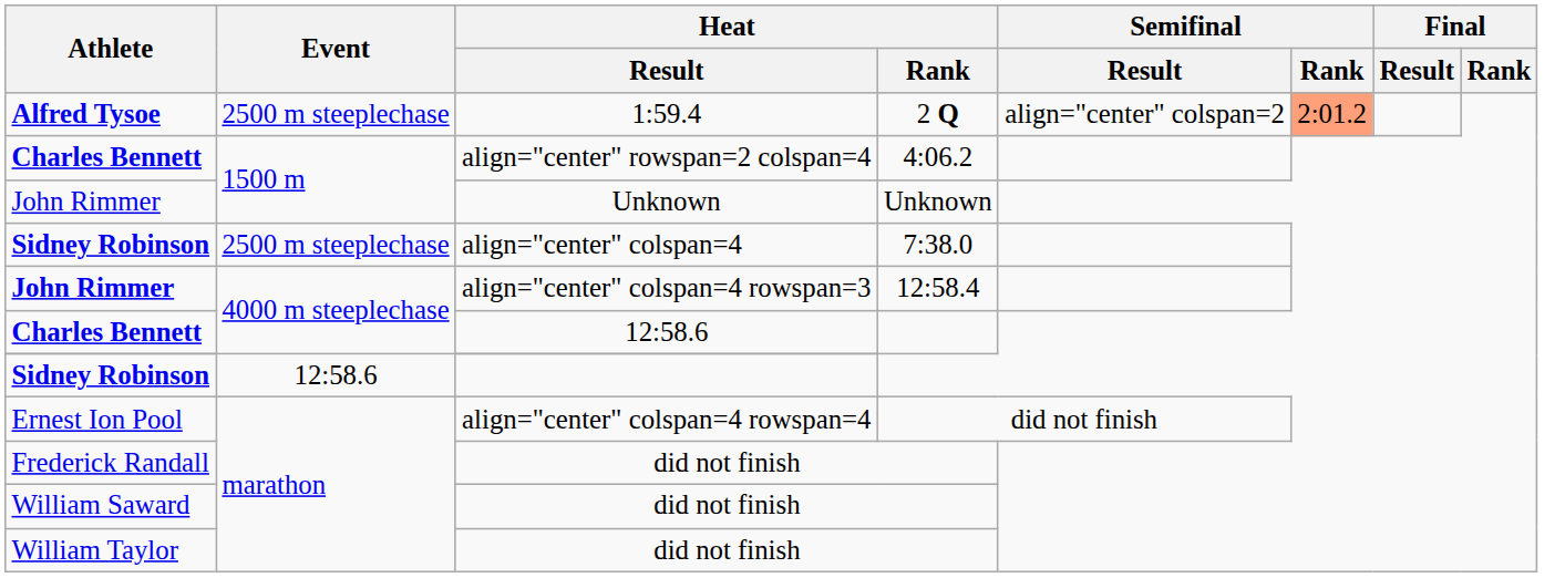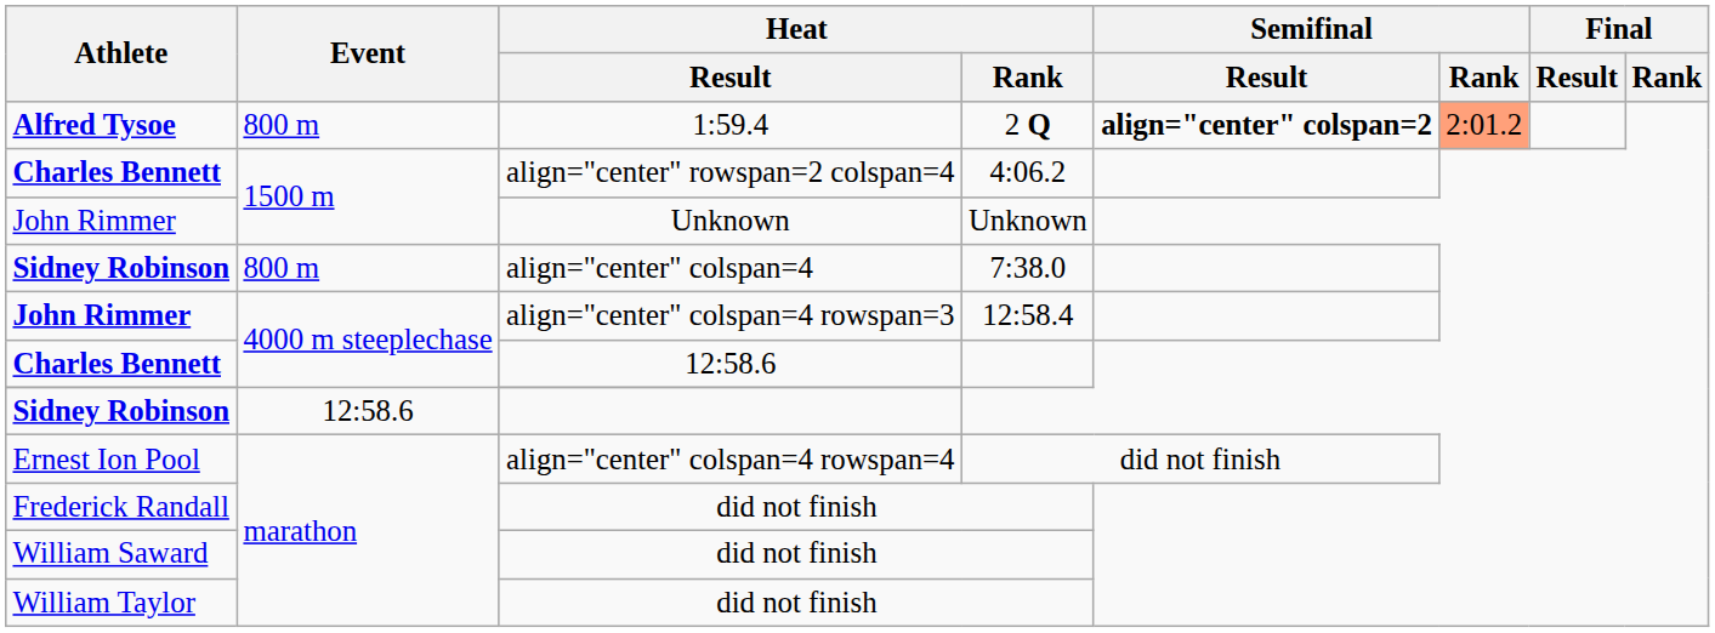 <table class="wikitable sortable">
 <tr>
 <th rowspan="2">Athlete</th>
 <th rowspan="2">Event</th>
 <th colspan="2">Heat</th>
 <th colspan="2">Semifinal</th>
 <th colspan="2">Final</th>
 </tr>
 <tr>
 <th>Result</th>
 <th>Rank</th>
 <th>Result</th>
 <th>Rank</th>
 <th>Result</th>
 <th>Rank</th>
 </tr>
 <tr>
 <td><strong><a href='#'>Alfred Tysoe</a></strong></td>
-<td><a href='#'>2500 m steeplechase</a></td>
+<td><a href='#'>800 m</a></td>
 <td align="center">1:59.4</td>
 <td align="center">2 <strong>Q</strong></td>
-<td>align="center" colspan=2 </td>
+<td><strong>align="center" colspan=2 </strong></td>
 <td align="center" style="background: lightsalmon;">2:01.2</td>
 <td align="center"></td>
 </tr>
 <tr>
 <td><strong><a href='#'>Charles Bennett</a></strong></td>
 <td rowspan=2><a href='#'>1500 m</a></td>
 <td>align="center" rowspan=2 colspan=4 </td>
 <td align="center">4:06.2</td>
 <td align="center"></td>
 </tr>
 <tr>
 <td><a href='#'>John Rimmer</a></td>
 <td align="center">Unknown</td>
 <td align="center">Unknown</td>
 </tr>
 <tr>
 <td><strong><a href='#'>Sidney Robinson</a></strong></td>
-<td><a href='#'>2500 m steeplechase</a></td>
+<td><a href='#'>800 m</a></td>
 <td>align="center" colspan=4 </td>
 <td align="center">7:38.0</td>
 <td align="center"></td>
 </tr>
 <tr>
 <td><strong><a href='#'>John Rimmer</a></strong></td>
 <td rowspan=3><a href='#'>4000 m steeplechase</a></td>
 <td>align="center" colspan=4 rowspan=3 </td>
 <td align="center">12:58.4</td>
 <td align="center"></td>
 </tr>
 <tr>
 <td><strong><a href='#'>Charles Bennett</a></strong></td>
 <td align="center">12:58.6</td>
 <td align="center"></td>
 </tr>
 <tr>
 </tr>
 <tr>
 <td><strong><a href='#'>Sidney Robinson</a></strong></td>
 <td align="center">12:58.6</td>
 <td align="center"></td>
 </tr>
 <tr>
 <td><a href='#'>Ernest Ion Pool</a></td>
 <td rowspan=4><a href='#'>marathon</a></td>
 <td>align="center" colspan=4 rowspan=4 </td>
 <td align="center" colspan=2>did not finish</td>
 </tr>
 <tr>
 <td><a href='#'>Frederick Randall</a></td>
 <td align="center" colspan=2>did not finish</td>
 </tr>
 <tr>
 <td><a href='#'>William Saward</a></td>
 <td align="center" colspan=2>did not finish</td>
 </tr>
 <tr>
 <td><a href='#'>William Taylor</a></td>
 <td align="center" colspan=2>did not finish</td>
 </tr>
 </table>
